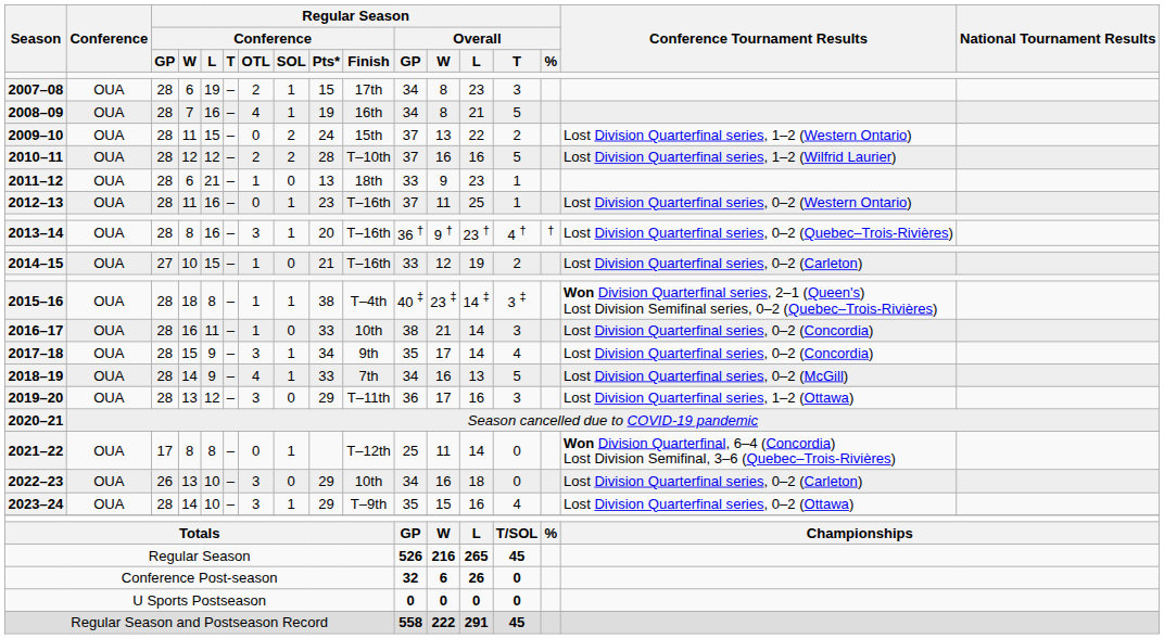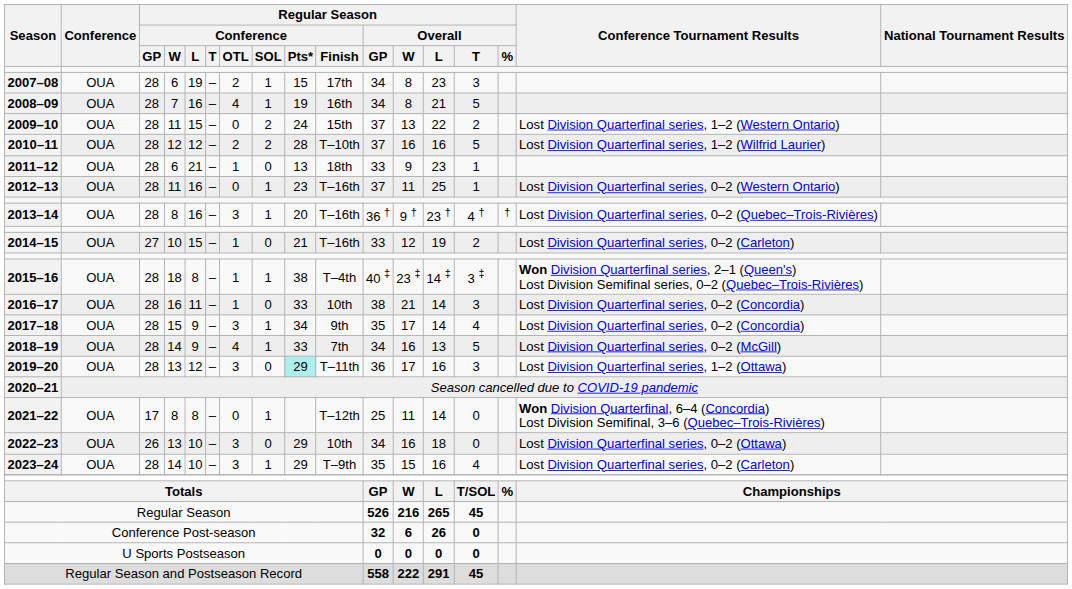 <table class="wikitable" style="text-align: center; font-size: 95%">
 <tr>
 <th rowspan="3">Season</th>
 <th rowspan="3">Conference</th>
 <th colspan="13">Regular Season</th>
 <th rowspan="3">Conference Tournament Results</th>
 <th rowspan="3">National Tournament Results</th>
 </tr>
 <tr>
 <th colspan="8">Conference</th>
 <th colspan="5">Overall</th>
 </tr>
 <tr>
 <th>GP</th>
 <th>W</th>
 <th>L</th>
 <th>T</th>
 <th>OTL</th>
 <th>SOL</th>
 <th>Pts*</th>
 <th>Finish</th>
 <th>GP</th>
 <th>W</th>
 <th>L</th>
 <th>T</th>
 <th>%</th>
 </tr>
 <tr>
 <td><strong><a href='#'></a> </strong></td>
 </tr>
 <tr>
 <th>2007–08</th>
 <td>OUA</td>
 <td>28</td>
 <td>6</td>
 <td>19</td>
 <td>–</td>
 <td>2</td>
 <td>1</td>
 <td>15</td>
 <td>17th</td>
 <td>34</td>
 <td>8</td>
 <td>23</td>
 <td>3</td>
 <td></td>
 <td align="left"></td>
 <td align="left"></td>
 </tr>
 <tr bgcolor=eeeeee>
 <th>2008–09</th>
 <td>OUA</td>
 <td>28</td>
 <td>7</td>
 <td>16</td>
 <td>–</td>
 <td>4</td>
 <td>1</td>
 <td>19</td>
 <td>16th</td>
 <td>34</td>
 <td>8</td>
 <td>21</td>
 <td>5</td>
 <td></td>
 <td align="left"></td>
 <td align="left"></td>
 </tr>
 <tr>
 <th>2009–10</th>
 <td>OUA</td>
 <td>28</td>
 <td>11</td>
 <td>15</td>
 <td>–</td>
 <td>0</td>
 <td>2</td>
 <td>24</td>
 <td>15th</td>
 <td>37</td>
 <td>13</td>
 <td>22</td>
 <td>2</td>
 <td></td>
 <td align="left">Lost <a href='#'>Division Quarterfinal series</a>, 1–2 (<a href='#'>Western Ontario</a>)</td>
 <td align="left"></td>
 </tr>
 <tr bgcolor=eeeeee>
 <th>2010–11</th>
 <td>OUA</td>
 <td>28</td>
 <td>12</td>
 <td>12</td>
 <td>–</td>
 <td>2</td>
 <td>2</td>
 <td>28</td>
 <td>T–10th</td>
 <td>37</td>
 <td>16</td>
 <td>16</td>
 <td>5</td>
 <td></td>
 <td align="left">Lost <a href='#'>Division Quarterfinal series</a>, 1–2 (<a href='#'>Wilfrid Laurier</a>)</td>
 <td align="left"></td>
 </tr>
 <tr>
 <th>2011–12</th>
 <td>OUA</td>
 <td>28</td>
 <td>6</td>
 <td>21</td>
 <td>–</td>
 <td>1</td>
 <td>0</td>
 <td>13</td>
 <td>18th</td>
 <td>33</td>
 <td>9</td>
 <td>23</td>
 <td>1</td>
 <td></td>
 <td align="left"></td>
 <td align="left"></td>
 </tr>
 <tr bgcolor=eeeeee>
 <th>2012–13</th>
 <td>OUA</td>
 <td>28</td>
 <td>11</td>
 <td>16</td>
 <td>–</td>
 <td>0</td>
 <td>1</td>
 <td>23</td>
 <td>T–16th</td>
 <td>37</td>
 <td>11</td>
 <td>25</td>
 <td>1</td>
 <td></td>
 <td align="left">Lost <a href='#'>Division Quarterfinal series</a>, 0–2 (<a href='#'>Western Ontario</a>)</td>
 <td align="left"></td>
 </tr>
 <tr>
 <td><strong><a href='#'></a> </strong></td>
 </tr>
 <tr>
 <th>2013–14</th>
 <td>OUA</td>
 <td>28</td>
 <td>8</td>
 <td>16</td>
 <td>–</td>
 <td>3</td>
 <td>1</td>
 <td>20</td>
 <td>T–16th</td>
 <td>36 <sup>†</sup></td>
 <td>9 <sup>†</sup></td>
 <td>23 <sup>†</sup></td>
 <td>4 <sup>†</sup></td>
 <td> <sup>†</sup></td>
 <td align="left">Lost <a href='#'>Division Quarterfinal series</a>, 0–2 (<a href='#'>Quebec–Trois-Rivières</a>)</td>
 <td align="left"></td>
 </tr>
 <tr>
 <td><strong><a href='#'></a> </strong></td>
 </tr>
 <tr bgcolor=eeeeee>
 <th>2014–15</th>
 <td>OUA</td>
 <td>27</td>
 <td>10</td>
 <td>15</td>
 <td>–</td>
 <td>1</td>
 <td>0</td>
 <td>21</td>
 <td>T–16th</td>
 <td>33</td>
 <td>12</td>
 <td>19</td>
 <td>2</td>
 <td></td>
 <td align="left">Lost <a href='#'>Division Quarterfinal series</a>, 0–2 (<a href='#'>Carleton</a>)</td>
 <td align="left"></td>
 </tr>
 <tr>
 <td><strong><a href='#'></a> </strong></td>
 </tr>
 <tr>
 <th>2015–16</th>
 <td>OUA</td>
 <td>28</td>
 <td>18</td>
 <td>8</td>
 <td>–</td>
 <td>1</td>
 <td>1</td>
 <td>38</td>
 <td>T–4th</td>
 <td>40 <sup>‡</sup></td>
 <td>23 <sup>‡</sup></td>
 <td>14 <sup>‡</sup></td>
 <td>3 <sup>‡</sup></td>
 <td></td>
 <td align="left"><strong>Won</strong> <a href='#'>Division Quarterfinal series</a>, 2–1 (<a href='#'>Queen's</a>)<br>Lost Division Semifinal series, 0–2 (<a href='#'>Quebec–Trois-Rivières</a>)</td>
 <td align="left"></td>
 </tr>
 <tr bgcolor=eeeeee>
 <th>2016–17</th>
 <td>OUA</td>
 <td>28</td>
 <td>16</td>
 <td>11</td>
 <td>–</td>
 <td>1</td>
 <td>0</td>
 <td>33</td>
 <td>10th</td>
 <td>38</td>
 <td>21</td>
 <td>14</td>
 <td>3</td>
 <td></td>
 <td align="left">Lost <a href='#'>Division Quarterfinal series</a>, 0–2 (<a href='#'>Concordia</a>)</td>
 <td align="left"></td>
 </tr>
 <tr>
 <th>2017–18</th>
 <td>OUA</td>
 <td>28</td>
 <td>15</td>
 <td>9</td>
 <td>–</td>
 <td>3</td>
 <td>1</td>
 <td>34</td>
 <td>9th</td>
 <td>35</td>
 <td>17</td>
 <td>14</td>
 <td>4</td>
 <td></td>
 <td align="left">Lost <a href='#'>Division Quarterfinal series</a>, 0–2 (<a href='#'>Concordia</a>)</td>
 <td align="left"></td>
 </tr>
 <tr bgcolor=eeeeee>
 <th>2018–19</th>
 <td>OUA</td>
 <td>28</td>
 <td>14</td>
 <td>9</td>
 <td>–</td>
 <td>4</td>
 <td>1</td>
 <td>33</td>
 <td>7th</td>
 <td>34</td>
 <td>16</td>
 <td>13</td>
 <td>5</td>
 <td></td>
 <td align="left">Lost <a href='#'>Division Quarterfinal series</a>, 0–2 (<a href='#'>McGill</a>)</td>
 <td align="left"></td>
 </tr>
 <tr>
 <th>2019–20</th>
 <td>OUA</td>
 <td>28</td>
 <td>13</td>
 <td>12</td>
 <td>–</td>
 <td>3</td>
 <td>0</td>
-<td>29</td>
+<td style="background: paleturquoise;">29</td>
 <td>T–11th</td>
 <td>36</td>
 <td>17</td>
 <td>16</td>
 <td>3</td>
 <td></td>
 <td align="left">Lost <a href='#'>Division Quarterfinal series</a>, 1–2 (<a href='#'>Ottawa</a>)</td>
 <td align="left"></td>
 </tr>
 <tr bgcolor=eeeeee>
 <th>2020–21</th>
 <td colspan=17><em>Season cancelled due to <a href='#'>COVID-19 pandemic</a></em></td>
 </tr>
 <tr>
 <th>2021–22</th>
 <td>OUA</td>
 <td>17</td>
 <td>8</td>
 <td>8</td>
 <td>–</td>
 <td>0</td>
 <td>1</td>
 <td></td>
 <td>T–12th</td>
 <td>25</td>
 <td>11</td>
 <td>14</td>
 <td>0</td>
 <td></td>
 <td align="left"><strong>Won</strong> <a href='#'>Division Quarterfinal</a>, 6–4 (<a href='#'>Concordia</a>)<br>Lost Division Semifinal, 3–6 (<a href='#'>Quebec–Trois-Rivières</a>)</td>
 <td align="left"></td>
 </tr>
 <tr bgcolor=eeeeee>
 <th>2022–23</th>
 <td>OUA</td>
 <td>26</td>
 <td>13</td>
 <td>10</td>
 <td>–</td>
 <td>3</td>
 <td>0</td>
 <td>29</td>
 <td>10th</td>
 <td>34</td>
 <td>16</td>
 <td>18</td>
 <td>0</td>
 <td></td>
-<td align="left">Lost <a href='#'>Division Quarterfinal series</a>, 0–2 (<a href='#'>Carleton</a>)</td>
+<td align="left">Lost <a href='#'>Division Quarterfinal series</a>, 0–2 (<a href='#'>Ottawa</a>)</td>
 <td align="left"></td>
 </tr>
 <tr>
 <th>2023–24</th>
 <td>OUA</td>
 <td>28</td>
 <td>14</td>
 <td>10</td>
 <td>–</td>
 <td>3</td>
 <td>1</td>
 <td>29</td>
 <td>T–9th</td>
 <td>35</td>
 <td>15</td>
 <td>16</td>
 <td>4</td>
 <td></td>
-<td align="left">Lost <a href='#'>Division Quarterfinal series</a>, 0–2 (<a href='#'>Ottawa</a>)</td>
+<td align="left">Lost <a href='#'>Division Quarterfinal series</a>, 0–2 (<a href='#'>Carleton</a>)</td>
 <td align="left"></td>
 </tr>
 <tr>
 </tr>
 <tr ->
 </tr>
 <tr>
 <td colspan="17" style="background:#fff;"></td>
 </tr>
 <tr>
 <th colspan="10">Totals</th>
 <th>GP</th>
 <th>W</th>
 <th>L</th>
 <th>T/SOL</th>
 <th>%</th>
 <th colspan="2">Championships</th>
 </tr>
 <tr>
 <td colspan="10">Regular Season</td>
 <td><strong>526</strong></td>
 <td><strong>216</strong></td>
 <td><strong>265</strong></td>
 <td><strong>45</strong></td>
 <td><strong></strong></td>
 <td colspan="2" align="left"></td>
 </tr>
 <tr>
 <td colspan="10">Conference Post-season</td>
 <td><strong>32</strong></td>
 <td><strong>6</strong></td>
 <td><strong>26</strong></td>
 <td><strong>0</strong></td>
 <td><strong></strong></td>
 <td colspan="2" align="left"></td>
 </tr>
 <tr>
 <td colspan="10">U Sports Postseason</td>
 <td><strong>0</strong></td>
 <td><strong>0</strong></td>
 <td><strong>0</strong></td>
 <td><strong>0</strong></td>
 <td><strong></strong></td>
 <td colspan="2" align="left"></td>
 </tr>
 <tr bgcolor=dddddd>
 <td colspan="10">Regular Season and Postseason Record</td>
 <td><strong>558</strong></td>
 <td><strong>222</strong></td>
 <td><strong>291</strong></td>
 <td><strong>45</strong></td>
 <td><strong></strong></td>
 <td colspan="2" align="left"></td>
 </tr>
 </table>
